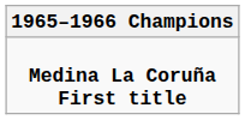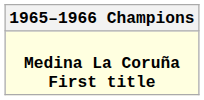 <table class=wikitable style="text-align:center; margin:auto">
 <tr>
 <th>1965–1966 Champions</th>
 </tr>
 <tr>
-<td> <br> <strong>Medina La Coruña</strong> <br> <strong>First title</strong></td>
+<td style="background: lightyellow;"> <br> <strong>Medina La Coruña</strong> <br> <strong>First title</strong></td>
 </tr>
 </table>
